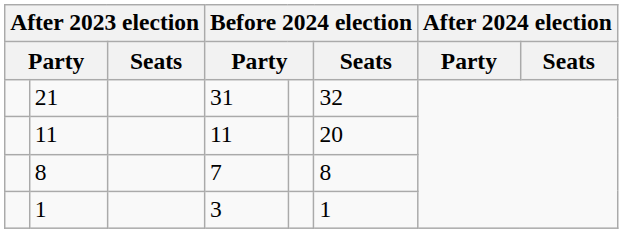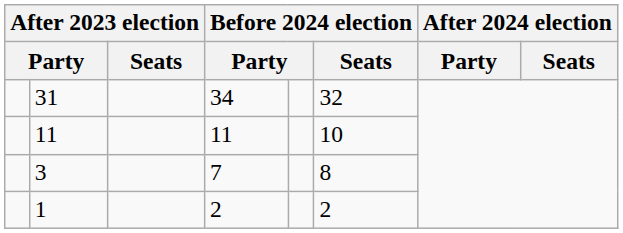 <table class="wikitable">
 <tr>
 <th colspan="3">After 2023 election</th>
 <th colspan="3">Before 2024 election</th>
 <th colspan="3">After 2024 election</th>
 </tr>
 <tr>
 <th colspan="2">Party</th>
 <th>Seats</th>
 <th colspan="2">Party</th>
 <th>Seats</th>
 <th colspan="2">Party</th>
 <th>Seats</th>
 </tr>
 <tr>
 <td></td>
-<td>21</td>
+<td>31</td>
 <td></td>
-<td>31</td>
+<td>34</td>
 <td></td>
 <td>32</td>
 </tr>
 <tr>
 <td></td>
 <td>11</td>
 <td></td>
 <td>11</td>
 <td></td>
-<td>20</td>
+<td>10</td>
 </tr>
 <tr>
 <td></td>
-<td>8</td>
+<td>3</td>
 <td></td>
 <td>7</td>
 <td></td>
 <td>8</td>
 </tr>
 <tr>
 <td></td>
 <td>1</td>
 <td></td>
-<td>3</td>
+<td>2</td>
 <td></td>
-<td>1</td>
+<td>2</td>
 </tr>
 </table>
